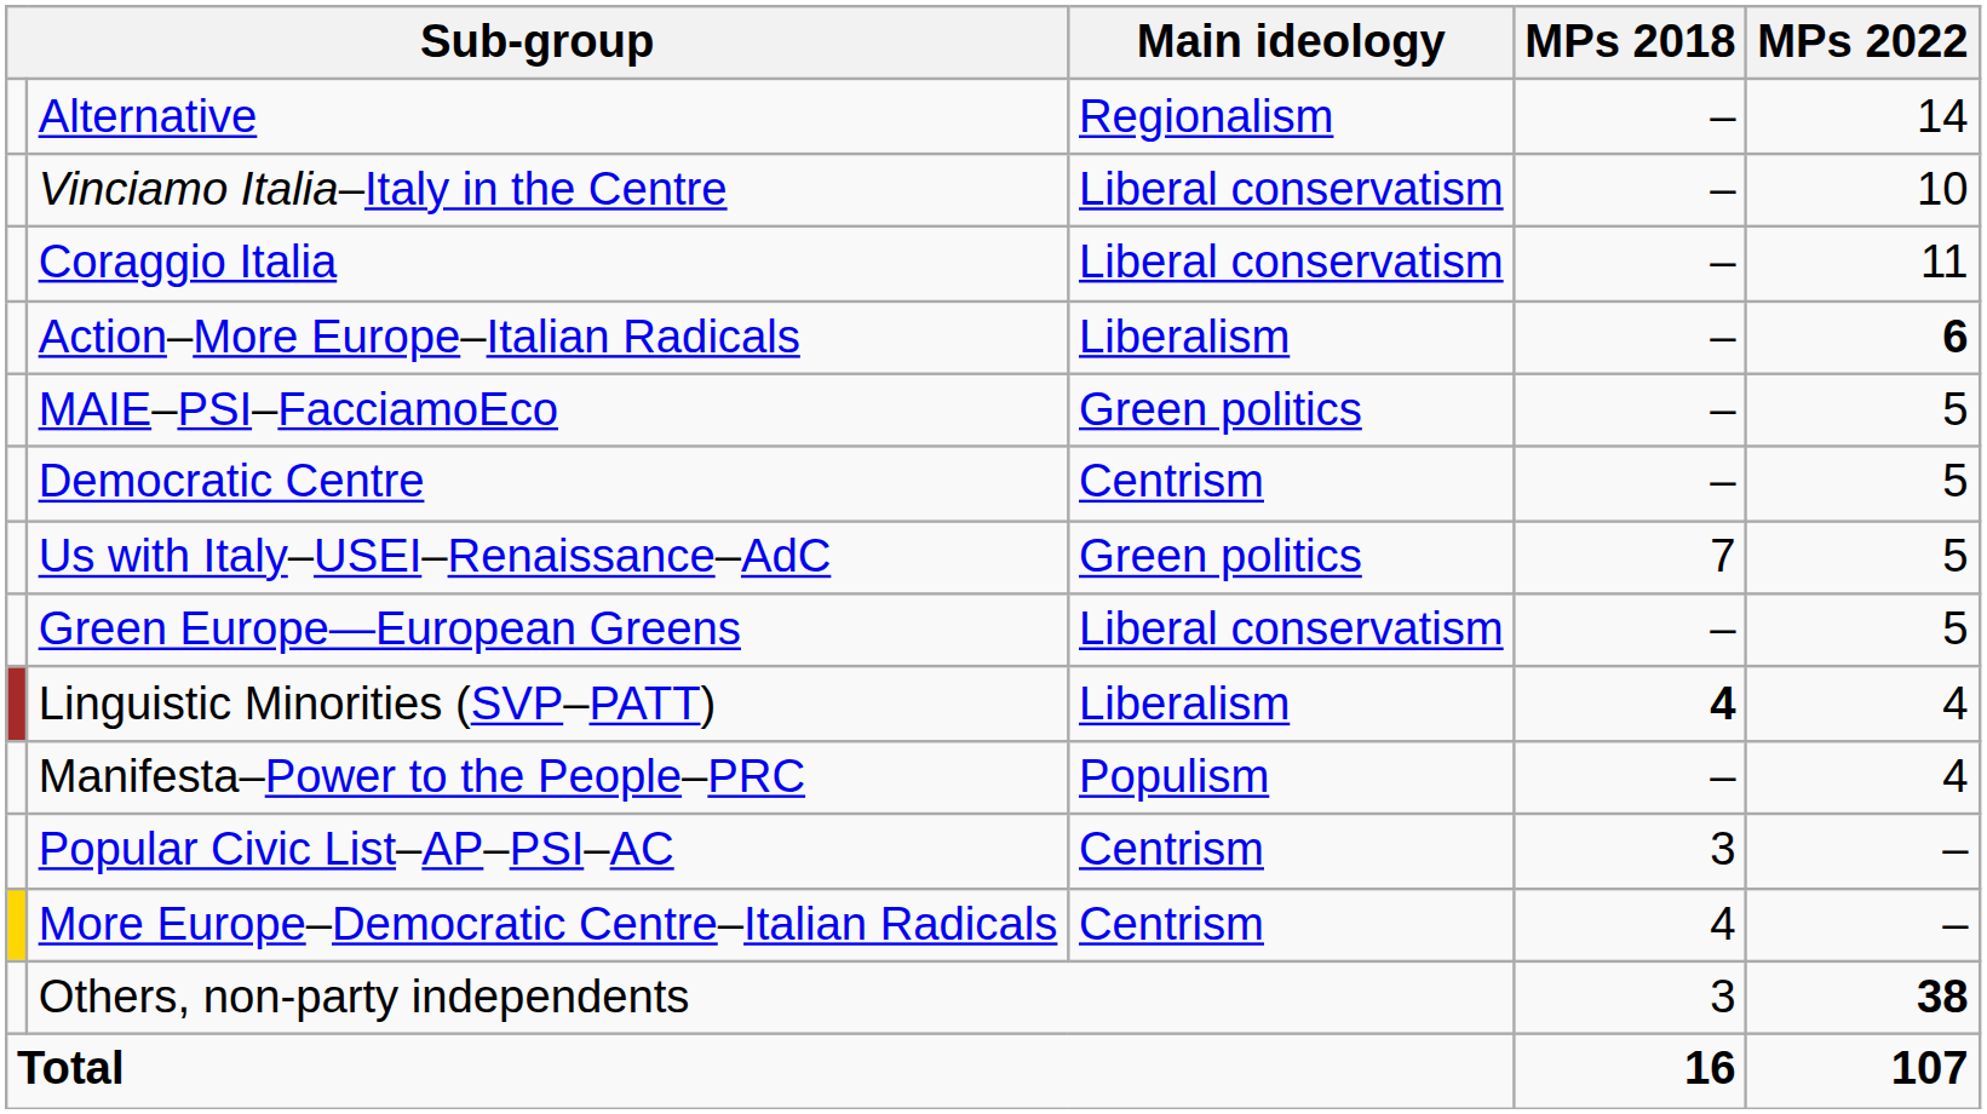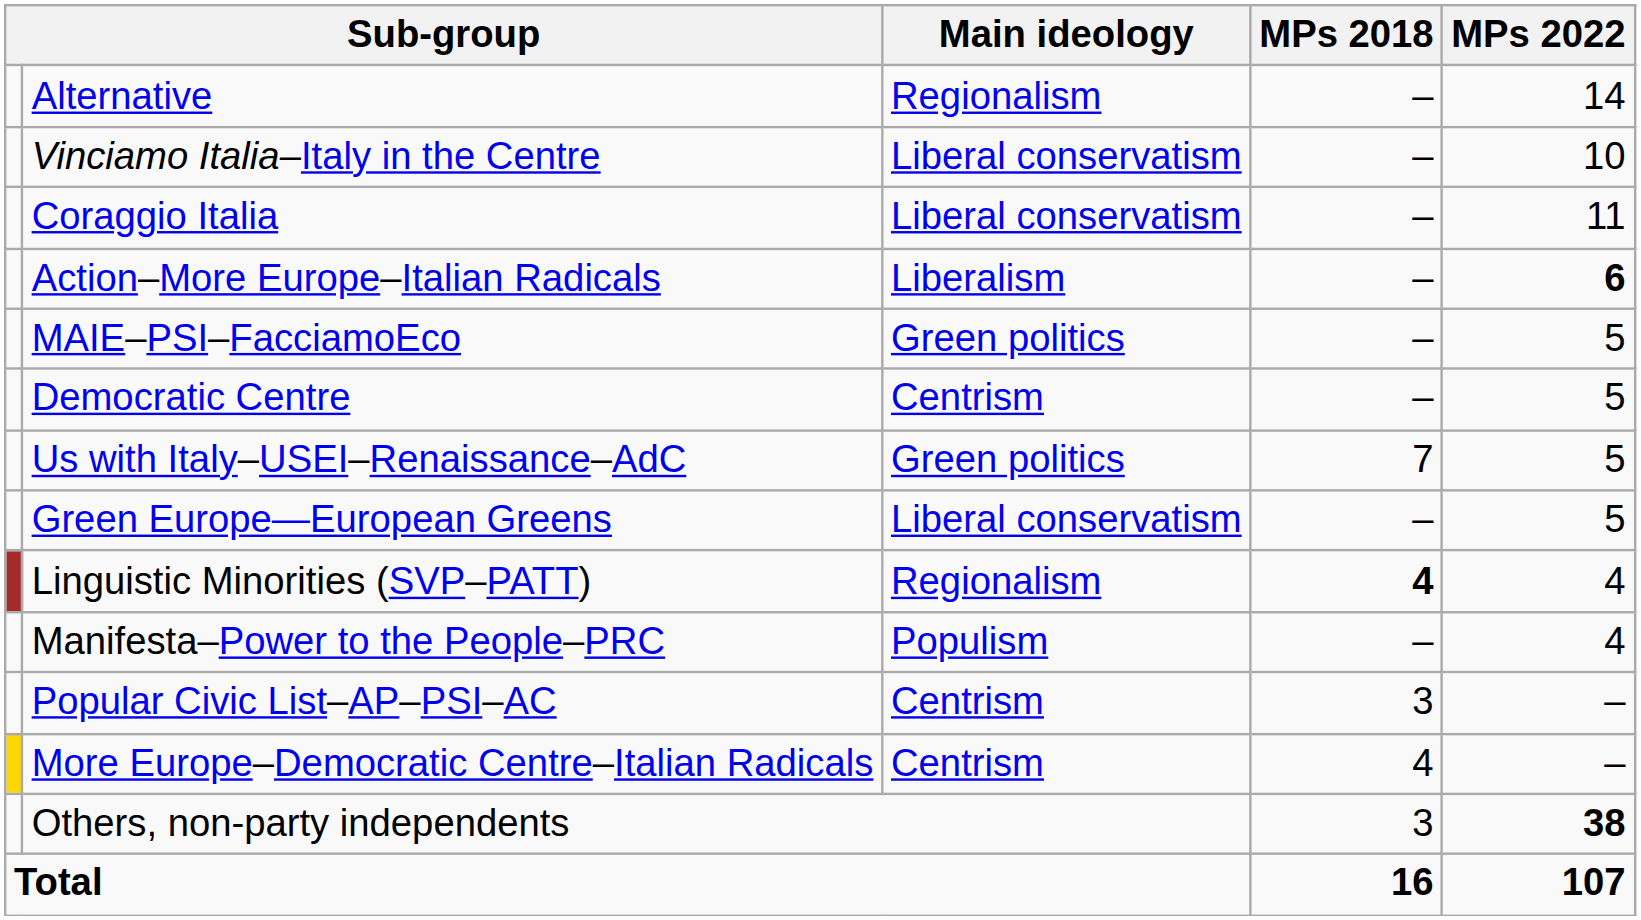 <table class="wikitable" style="font-size:100%">
 <tr>
 <th colspan=2>Sub-group</th>
 <th>Main ideology</th>
 <th>MPs 2018</th>
 <th>MPs 2022</th>
 </tr>
 <tr>
 <td></td>
 <td><a href='#'>Alternative</a></td>
 <td><a href='#'>Regionalism</a></td>
 <td align=right>–</td>
 <td align=right>14</td>
 </tr>
 <tr>
 <td></td>
 <td><em>Vinciamo Italia</em>–<a href='#'>Italy in the Centre</a></td>
 <td><a href='#'>Liberal conservatism</a></td>
 <td align=right>–</td>
 <td align=right>10</td>
 </tr>
 <tr>
 <td></td>
 <td><a href='#'>Coraggio Italia</a></td>
 <td><a href='#'>Liberal conservatism</a></td>
 <td align=right>–</td>
 <td align=right>11</td>
 </tr>
 <tr>
 <td></td>
 <td><a href='#'>Action</a>–<a href='#'>More Europe</a>–<a href='#'>Italian Radicals</a></td>
 <td><a href='#'>Liberalism</a></td>
 <td align=right>–</td>
 <td align=right><strong>6</strong></td>
 </tr>
 <tr>
 <td></td>
 <td><a href='#'>MAIE</a>–<a href='#'>PSI</a>–<a href='#'>FacciamoEco</a></td>
 <td><a href='#'>Green politics</a></td>
 <td align=right>–</td>
 <td align=right>5</td>
 </tr>
 <tr>
 <td></td>
 <td><a href='#'>Democratic Centre</a></td>
 <td><a href='#'>Centrism</a></td>
 <td align=right>–</td>
 <td align=right>5</td>
 </tr>
 <tr>
 <td></td>
 <td><a href='#'>Us with Italy</a>–<a href='#'>USEI</a>–<a href='#'>Renaissance</a>–<a href='#'>AdC</a></td>
 <td><a href='#'>Green politics</a></td>
 <td align=right>7</td>
 <td align=right>5</td>
 </tr>
 <tr>
 <td></td>
 <td><a href='#'>Green Europe—European Greens</a></td>
 <td><a href='#'>Liberal conservatism</a></td>
 <td align=right>–</td>
 <td align=right>5</td>
 </tr>
 <tr>
 <td bgcolor="brown"></td>
 <td>Linguistic Minorities (<a href='#'>SVP</a>–<a href='#'>PATT</a>)</td>
-<td><a href='#'>Liberalism</a></td>
+<td><a href='#'>Regionalism</a></td>
 <td align=right><strong>4</strong></td>
 <td align=right>4</td>
 </tr>
 <tr>
 <td></td>
 <td>Manifesta–<a href='#'>Power to the People</a>–<a href='#'>PRC</a></td>
 <td><a href='#'>Populism</a></td>
 <td align=right>–</td>
 <td align=right>4</td>
 </tr>
 <tr>
 <td></td>
 <td><a href='#'>Popular Civic List</a>–<a href='#'>AP</a>–<a href='#'>PSI</a>–<a href='#'>AC</a></td>
 <td><a href='#'>Centrism</a></td>
 <td align=right>3</td>
 <td align=right>–</td>
 </tr>
 <tr>
 <td bgcolor="gold"></td>
 <td><a href='#'>More Europe</a>–<a href='#'>Democratic Centre</a>–<a href='#'>Italian Radicals</a></td>
 <td><a href='#'>Centrism</a></td>
 <td align=right>4</td>
 <td align=right>–</td>
 </tr>
 <tr>
 <td></td>
 <td colspan=2>Others, non-party independents</td>
 <td align=right>3</td>
 <td align=right><strong>38</strong></td>
 </tr>
 <tr>
 <td colspan=3><strong>Total</strong></td>
 <td align=right><strong>16</strong></td>
 <td align=right><strong>107</strong></td>
 </tr>
 </table>
